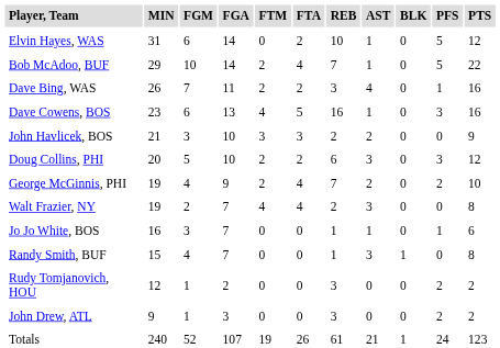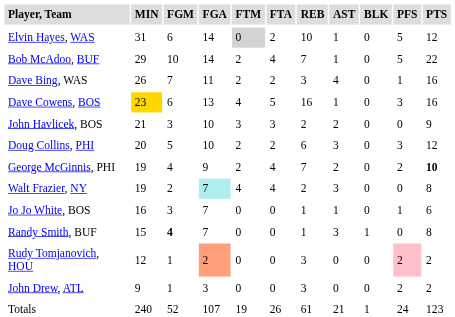 <table cellpadding=5>
 <tr bgcolor="#dddddd">
 <td><strong>Player, Team</strong></td>
 <td><strong>MIN</strong></td>
 <td><strong>FGM</strong></td>
 <td><strong>FGA</strong></td>
 <td><strong>FTM</strong></td>
 <td><strong>FTA</strong></td>
 <td><strong>REB</strong></td>
 <td><strong>AST</strong></td>
 <td><strong>BLK</strong></td>
 <td><strong>PFS</strong></td>
 <td><strong>PTS</strong></td>
 </tr>
 <tr bgcolor="#eeeeee">
 </tr>
 <tr>
 <td><a href='#'>Elvin Hayes</a>, <a href='#'>WAS</a></td>
 <td>31</td>
 <td>6</td>
 <td>14</td>
-<td>0</td>
+<td style="background: lightgrey;">0</td>
 <td>2</td>
 <td>10</td>
 <td>1</td>
 <td>0</td>
 <td>5</td>
 <td>12</td>
 </tr>
 <tr>
 <td><a href='#'>Bob McAdoo</a>, <a href='#'>BUF</a></td>
 <td>29</td>
 <td>10</td>
 <td>14</td>
 <td>2</td>
 <td>4</td>
 <td>7</td>
 <td>1</td>
 <td>0</td>
 <td>5</td>
 <td>22</td>
 </tr>
 <tr>
 <td><a href='#'>Dave Bing</a>, WAS</td>
 <td>26</td>
 <td>7</td>
 <td>11</td>
 <td>2</td>
 <td>2</td>
 <td>3</td>
 <td>4</td>
 <td>0</td>
 <td>1</td>
 <td>16</td>
 </tr>
 <tr>
 <td><a href='#'>Dave Cowens</a>, <a href='#'>BOS</a></td>
-<td>23</td>
+<td style="background: gold;">23</td>
 <td>6</td>
 <td>13</td>
 <td>4</td>
 <td>5</td>
 <td>16</td>
 <td>1</td>
 <td>0</td>
 <td>3</td>
 <td>16</td>
 </tr>
 <tr>
 <td><a href='#'>John Havlicek</a>, BOS</td>
 <td>21</td>
 <td>3</td>
 <td>10</td>
 <td>3</td>
 <td>3</td>
 <td>2</td>
 <td>2</td>
 <td>0</td>
 <td>0</td>
 <td>9</td>
 </tr>
 <tr>
 <td><a href='#'>Doug Collins</a>, <a href='#'>PHI</a></td>
 <td>20</td>
 <td>5</td>
 <td>10</td>
 <td>2</td>
 <td>2</td>
 <td>6</td>
 <td>3</td>
 <td>0</td>
 <td>3</td>
 <td>12</td>
 </tr>
 <tr>
 <td><a href='#'>George McGinnis</a>, PHI</td>
 <td>19</td>
 <td>4</td>
 <td>9</td>
 <td>2</td>
 <td>4</td>
 <td>7</td>
 <td>2</td>
 <td>0</td>
 <td>2</td>
-<td>10</td>
+<td><strong>10</strong></td>
 </tr>
 <tr>
 <td><a href='#'>Walt Frazier</a>, <a href='#'>NY</a></td>
 <td>19</td>
 <td>2</td>
-<td>7</td>
+<td style="background: paleturquoise;">7</td>
 <td>4</td>
 <td>4</td>
 <td>2</td>
 <td>3</td>
 <td>0</td>
 <td>0</td>
 <td>8</td>
 </tr>
 <tr>
 <td><a href='#'>Jo Jo White</a>, BOS</td>
 <td>16</td>
 <td>3</td>
 <td>7</td>
 <td>0</td>
 <td>0</td>
 <td>1</td>
 <td>1</td>
 <td>0</td>
 <td>1</td>
 <td>6</td>
 </tr>
 <tr>
 <td><a href='#'>Randy Smith</a>, BUF</td>
 <td>15</td>
-<td>4</td>
+<td><strong>4</strong></td>
 <td>7</td>
 <td>0</td>
 <td>0</td>
 <td>1</td>
 <td>3</td>
 <td>1</td>
 <td>0</td>
 <td>8</td>
 </tr>
 <tr>
 <td><a href='#'>Rudy Tomjanovich</a>, <a href='#'>HOU</a></td>
 <td>12</td>
 <td>1</td>
-<td>2</td>
+<td style="background: lightsalmon;">2</td>
 <td>0</td>
 <td>0</td>
 <td>3</td>
 <td>0</td>
 <td>0</td>
-<td>2</td>
+<td style="background: pink;">2</td>
 <td>2</td>
 </tr>
 <tr>
 <td><a href='#'>John Drew</a>, <a href='#'>ATL</a></td>
 <td>9</td>
 <td>1</td>
 <td>3</td>
 <td>0</td>
 <td>0</td>
 <td>3</td>
 <td>0</td>
 <td>0</td>
 <td>2</td>
 <td>2</td>
 </tr>
 <tr>
 <td>Totals</td>
 <td>240</td>
 <td>52</td>
 <td>107</td>
 <td>19</td>
 <td>26</td>
 <td>61</td>
 <td>21</td>
 <td>1</td>
 <td>24</td>
 <td>123</td>
 </tr>
 <tr>
 </tr>
 </table>
